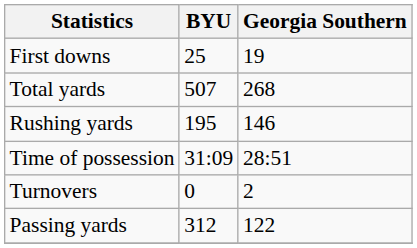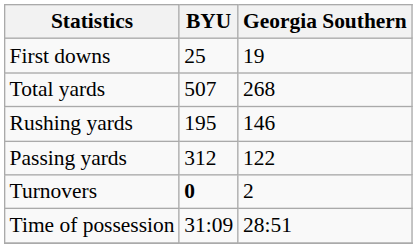 <table class="wikitable">
 <tr>
 <th>Statistics</th>
 <th>BYU</th>
 <th>Georgia Southern</th>
 </tr>
 <tr>
 <td>First downs</td>
 <td>25</td>
 <td>19</td>
 </tr>
 <tr>
 <td>Total yards</td>
 <td>507</td>
 <td>268</td>
 </tr>
 <tr>
 <td>Rushing yards</td>
 <td>195</td>
 <td>146</td>
 </tr>
 <tr>
+<td>Passing yards</td>
+<td>312</td>
+<td>122</td>
+</tr>
+<tr>
+<td>Turnovers</td>
+<td><strong>0</strong></td>
+<td>2</td>
+</tr>
+<tr>
 <td>Time of possession</td>
 <td>31:09</td>
 <td>28:51</td>
 </tr>
 <tr>
-<td>Turnovers</td>
-<td>0</td>
-<td>2</td>
-</tr>
-<tr>
-<td>Passing yards</td>
-<td>312</td>
-<td>122</td>
-</tr>
-<tr>
 </tr>
 </table>
